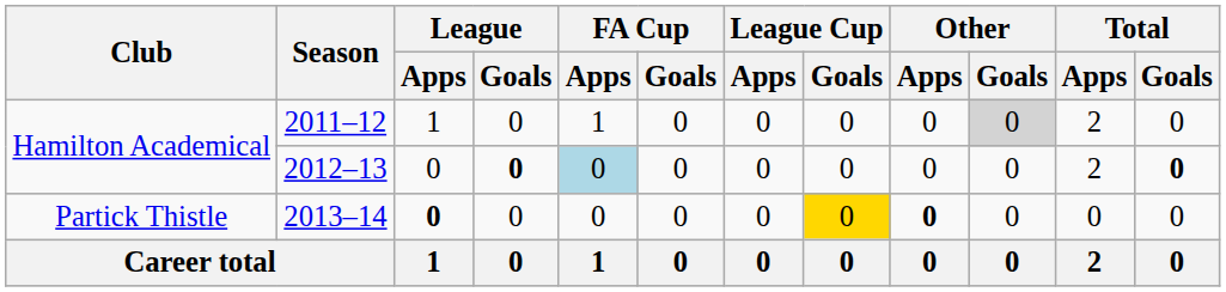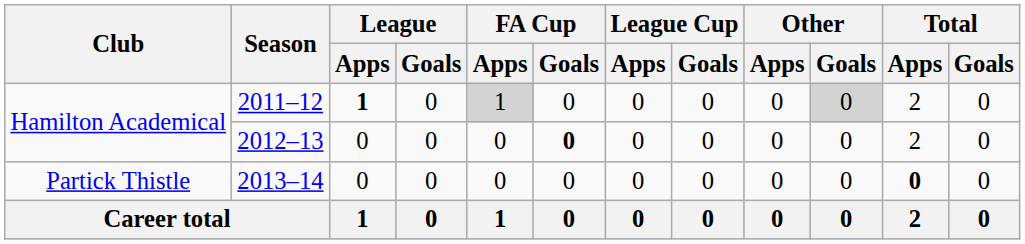 <table class="wikitable" style="text-align: center;">
 <tr>
 <th rowspan="2">Club</th>
 <th rowspan="2">Season</th>
 <th colspan="2">League</th>
 <th colspan="2">FA Cup</th>
 <th colspan="2">League Cup</th>
 <th colspan="2">Other</th>
 <th colspan="2">Total</th>
 </tr>
 <tr>
 <th>Apps</th>
 <th>Goals</th>
 <th>Apps</th>
 <th>Goals</th>
 <th>Apps</th>
 <th>Goals</th>
 <th>Apps</th>
 <th>Goals</th>
 <th>Apps</th>
 <th>Goals</th>
 </tr>
 <tr>
 <td rowspan="2" valign="center"><a href='#'>Hamilton Academical</a></td>
 <td><a href='#'>2011–12</a></td>
-<td>1</td>
+<td><strong>1</strong></td>
 <td>0</td>
-<td>1</td>
+<td style="background: lightgrey;">1</td>
 <td>0</td>
 <td>0</td>
 <td>0</td>
 <td>0</td>
 <td style="background: lightgrey;">0</td>
 <td>2</td>
 <td>0</td>
 </tr>
 <tr>
 <td><a href='#'>2012–13</a></td>
 <td>0</td>
+<td>0</td>
+<td>0</td>
 <td><strong>0</strong></td>
-<td style="background: lightblue;">0</td>
+<td>0</td>
+<td>0</td>
+<td>0</td>
+<td>0</td>
+<td>2</td>
+<td>0</td>
+</tr>
+<tr>
+<td rowspan="1" valign="center"><a href='#'>Partick Thistle</a></td>
+<td><a href='#'>2013–14</a></td>
 <td>0</td>
 <td>0</td>
 <td>0</td>
 <td>0</td>
 <td>0</td>
-<td>2</td>
-<td><strong>0</strong></td>
-</tr>
-<tr>
-<td rowspan="1" valign="center"><a href='#'>Partick Thistle</a></td>
-<td><a href='#'>2013–14</a></td>
-<td><strong>0</strong></td>
 <td>0</td>
 <td>0</td>
 <td>0</td>
-<td>0</td>
-<td style="background: gold;">0</td>
 <td><strong>0</strong></td>
-<td>0</td>
-<td>0</td>
 <td>0</td>
 </tr>
 <tr>
 <th colspan="2">Career total</th>
 <th>1</th>
 <th>0</th>
 <th>1</th>
 <th>0</th>
 <th>0</th>
 <th>0</th>
 <th>0</th>
 <th>0</th>
 <th>2</th>
 <th>0</th>
 </tr>
 </table>
